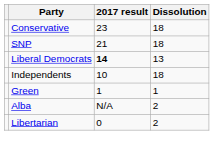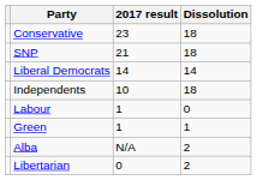 <table class="wikitable">
 <tr>
 <th></th>
 <th scope="col">Party</th>
 <th scope="col">2017 result</th>
 <th scope="col">Dissolution</th>
 </tr>
 <tr>
 <td style="background:"></td>
 <td scope="row"><a href='#'>Conservative</a></td>
 <td>23</td>
 <td>18</td>
 </tr>
 <tr>
 <td style="background:"></td>
 <td scope="row"><a href='#'>SNP</a></td>
 <td>21</td>
 <td>18</td>
 </tr>
 <tr>
 <td style="background:"></td>
 <td scope="row"><a href='#'>Liberal Democrats</a></td>
-<td><strong>14</strong></td>
-<td>13</td>
+<td>14</td>
+<td>14</td>
 </tr>
 <tr>
 <td style="background:"></td>
 <td scope="row">Independents</td>
 <td>10</td>
 <td>18</td>
+</tr>
+<tr>
+<td style="background:"></td>
+<td scope="row"><a href='#'>Labour</a></td>
+<td>1</td>
+<td>0</td>
 </tr>
 <tr>
 <td style="background:"></td>
 <td scope="row"><a href='#'>Green</a></td>
 <td>1</td>
 <td>1</td>
 </tr>
 <tr>
 <td style="background:"></td>
 <td scope="row"><a href='#'>Alba</a></td>
 <td>N/A</td>
 <td>2</td>
 </tr>
 <tr>
 <td style="background:"></td>
 <td scope="row"><a href='#'>Libertarian</a></td>
 <td>0</td>
 <td>2</td>
 </tr>
 </table>
